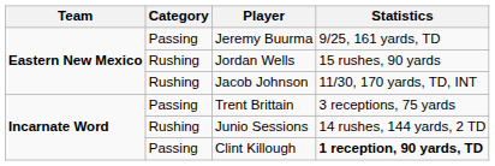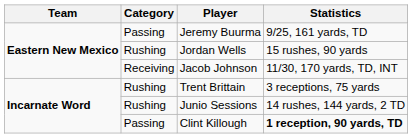 <table class="wikitable" style="float: left;">
 <tr>
 <th>Team</th>
 <th>Category</th>
 <th>Player</th>
 <th>Statistics</th>
 </tr>
 <tr>
 <td rowspan=3><strong>Eastern New Mexico</strong></td>
 <td>Passing</td>
 <td>Jeremy Buurma</td>
 <td>9/25, 161 yards, TD</td>
 </tr>
 <tr>
 <td>Rushing</td>
 <td>Jordan Wells</td>
 <td>15 rushes, 90 yards</td>
 </tr>
 <tr>
-<td>Rushing</td>
+<td>Receiving</td>
 <td>Jacob Johnson</td>
 <td>11/30, 170 yards, TD, INT</td>
 </tr>
 <tr>
 <td rowspan=3><strong>Incarnate Word</strong></td>
-<td>Passing</td>
+<td>Rushing</td>
 <td>Trent Brittain</td>
 <td>3 receptions, 75 yards</td>
 </tr>
 <tr>
 <td>Rushing</td>
 <td>Junio Sessions</td>
 <td>14 rushes, 144 yards, 2 TD</td>
 </tr>
 <tr>
 <td>Passing</td>
 <td>Clint Killough</td>
 <td><strong>1 reception, 90 yards, TD</strong></td>
 </tr>
 </table>
